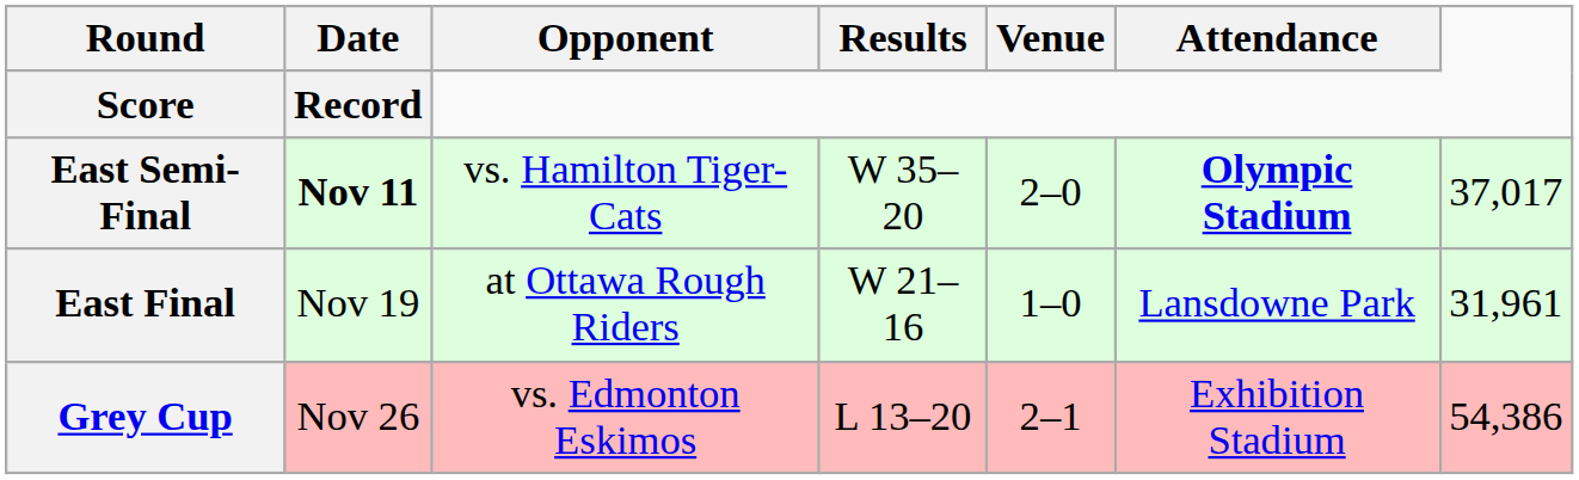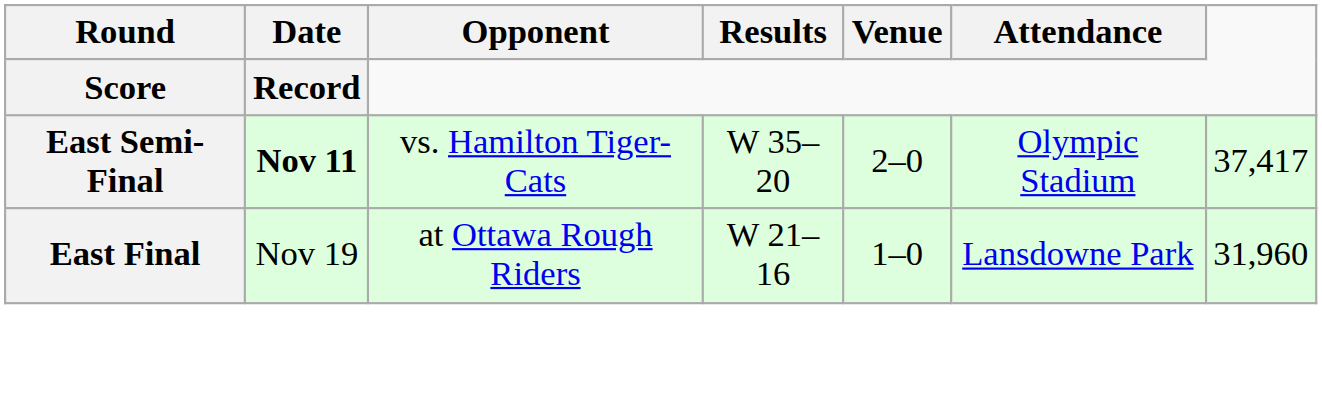 <table class="wikitable" style="text-align:center">
 <tr>
 <th>Round</th>
 <th>Date</th>
 <th>Opponent</th>
 <th>Results</th>
 <th>Venue</th>
 <th>Attendance</th>
 </tr>
 <tr>
 <th>Score</th>
 <th>Record</th>
 </tr>
 <tr style="background:#ddffdd">
 <th>East Semi-Final</th>
 <td><strong>Nov 11</strong></td>
 <td>vs. <a href='#'>Hamilton Tiger-Cats</a></td>
 <td>W 35–20</td>
 <td>2–0</td>
-<td><strong><a href='#'>Olympic Stadium</a></strong></td>
-<td>37,017</td>
+<td><a href='#'>Olympic Stadium</a></td>
+<td>37,417</td>
 </tr>
 <tr style="background:#ddffdd">
 <th>East Final</th>
 <td>Nov 19</td>
 <td>at <a href='#'>Ottawa Rough Riders</a></td>
 <td>W 21–16</td>
 <td>1–0</td>
 <td><a href='#'>Lansdowne Park</a></td>
-<td>31,961</td>
-</tr>
-<tr style="background:#ffbbbb">
-<th><a href='#'>Grey Cup</a></th>
-<td>Nov 26</td>
-<td>vs. <a href='#'>Edmonton Eskimos</a></td>
-<td>L 13–20</td>
-<td>2–1</td>
-<td><a href='#'>Exhibition Stadium</a></td>
-<td>54,386</td>
+<td>31,960</td>
 </tr>
 </table>
